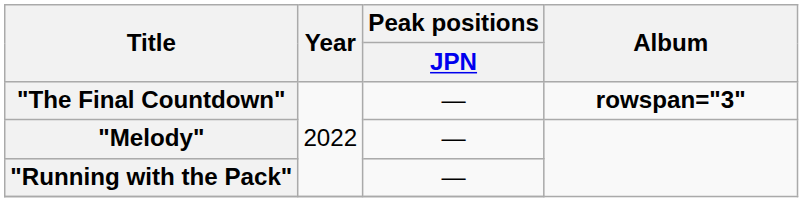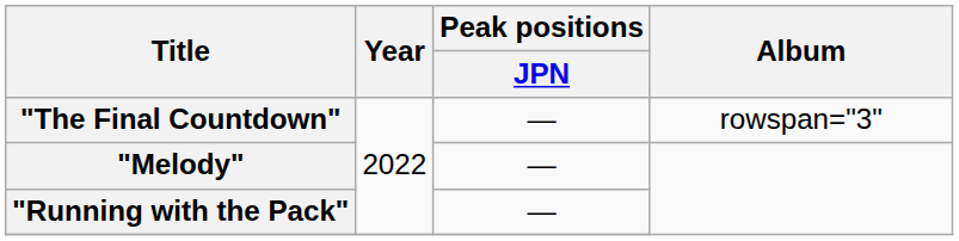 <table class="wikitable plainrowheaders" style="text-align:center;">
 <tr>
 <th rowspan="2">Title</th>
 <th rowspan="2">Year</th>
 <th colspan="1">Peak positions</th>
 <th rowspan="2" style="width:10em;">Album</th>
 </tr>
 <tr>
 <th><a href='#'>JPN</a></th>
 </tr>
 <tr>
 <th scope="row">"The Final Countdown"</th>
 <td rowspan="3">2022</td>
 <td>—</td>
-<td><strong>rowspan="3" </strong></td>
+<td>rowspan="3" </td>
 </tr>
 <tr>
 <th scope="row">"Melody"</th>
 <td>—</td>
 </tr>
 <tr>
 <th scope="row">"Running with the Pack"</th>
 <td>—</td>
 </tr>
 <tr>
 </tr>
 </table>
